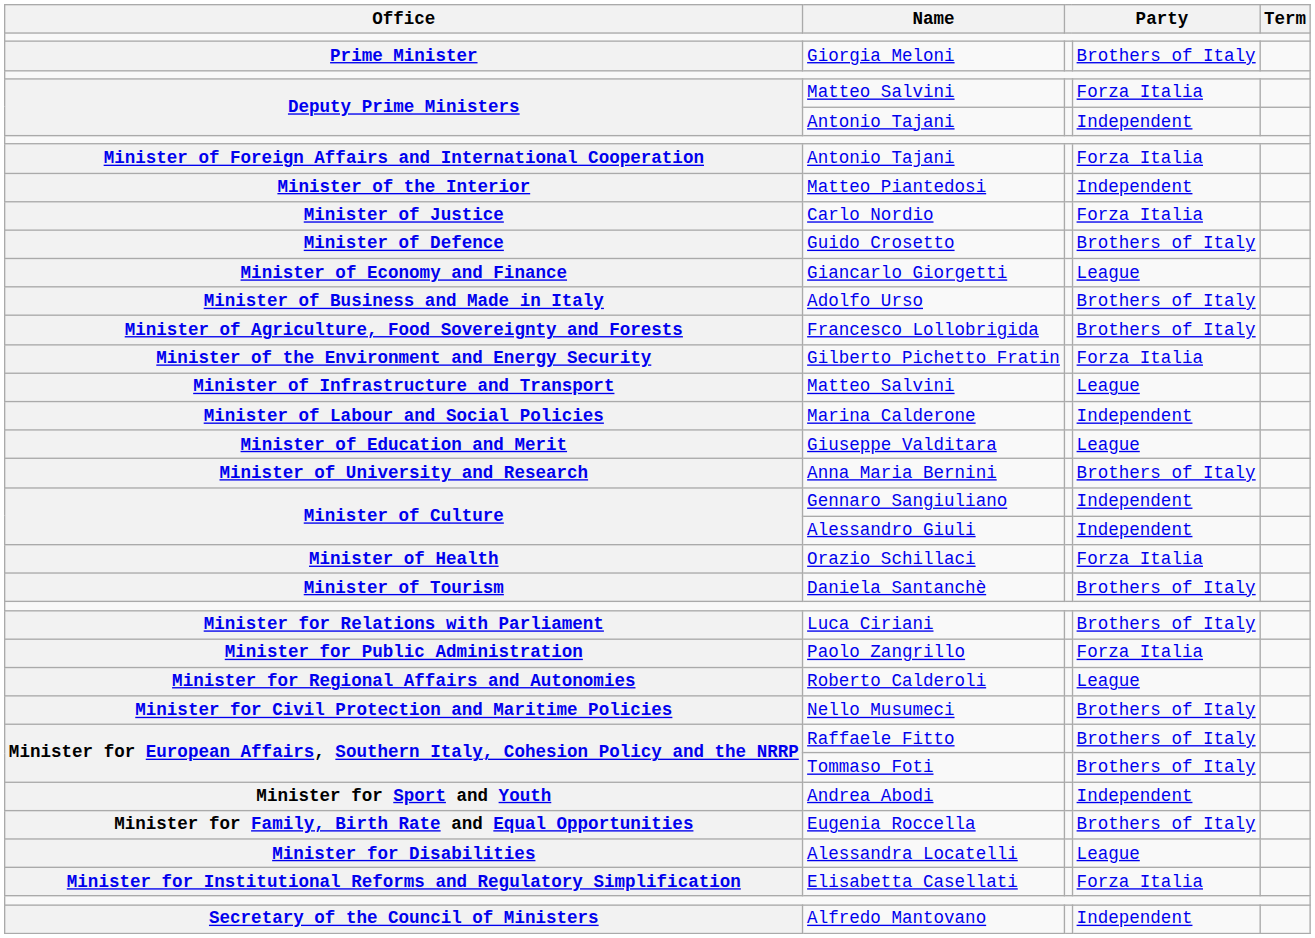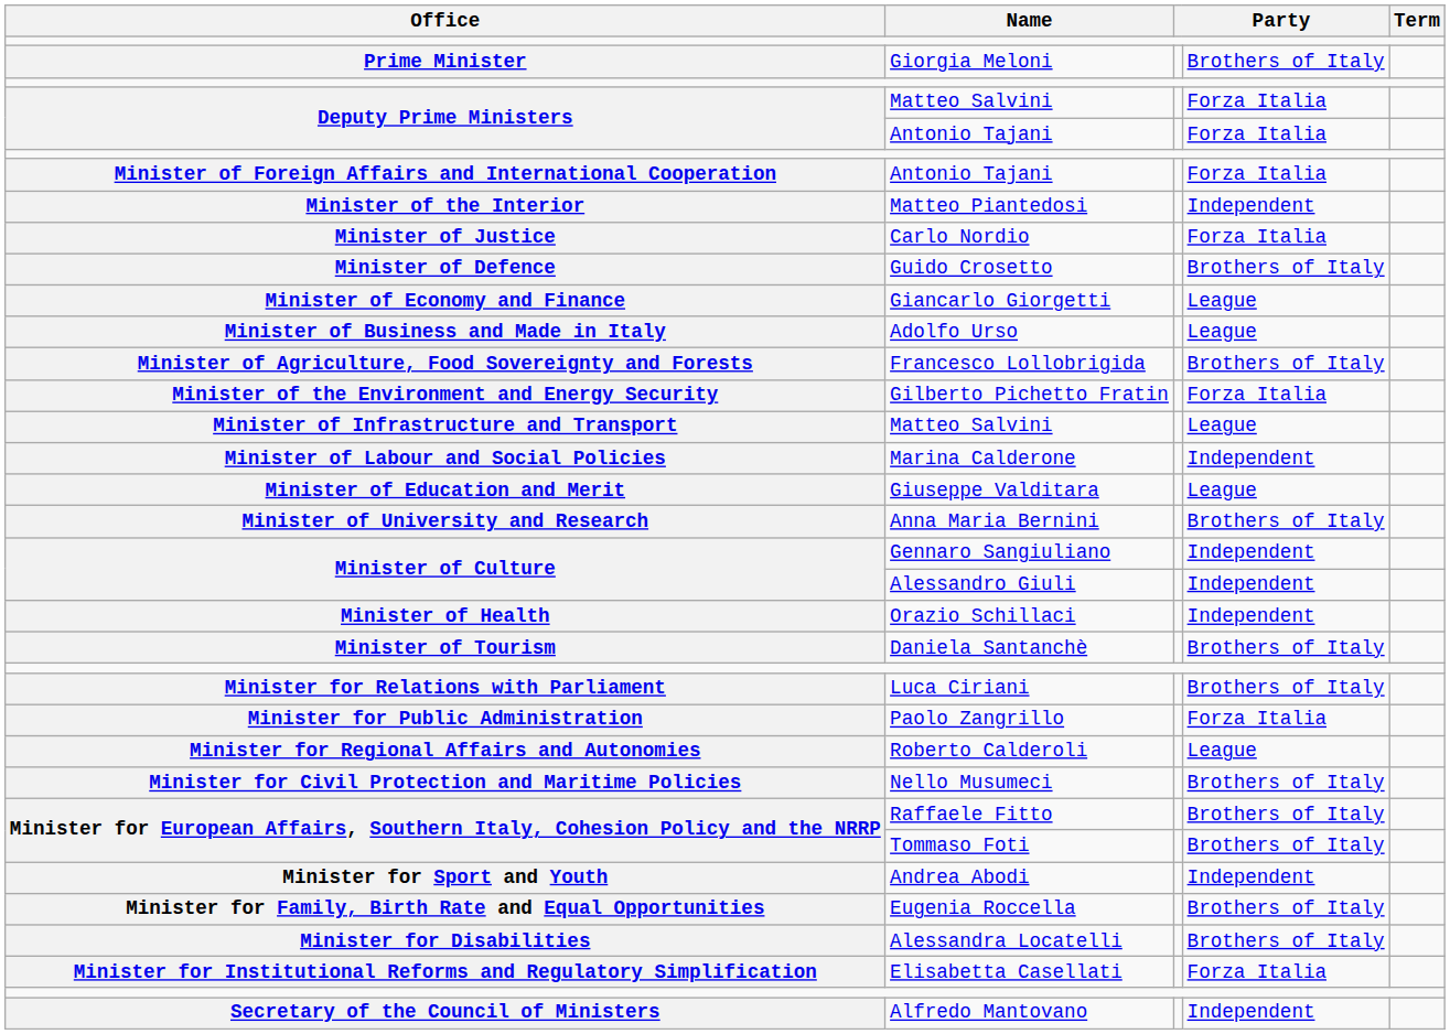 <table class="wikitable" style="font-size: 100%;">
 <tr>
 <th>Office</th>
 <th>Name</th>
 <th colspan=2>Party</th>
 <th>Term</th>
 </tr>
 <tr>
 <td colspan="5"></td>
 </tr>
 <tr>
 <th><a href='#'>Prime Minister</a></th>
 <td><a href='#'>Giorgia Meloni</a></td>
 <td style="color:inherit;background:"></td>
 <td><a href='#'>Brothers of Italy</a></td>
 <td></td>
 </tr>
 <tr>
 <td colspan="5"></td>
 </tr>
 <tr>
 <th rowspan="2"><a href='#'>Deputy Prime Ministers</a></th>
 <td><a href='#'>Matteo Salvini</a></td>
 <td style="color:inherit;background:"></td>
 <td><a href='#'>Forza Italia</a></td>
 <td></td>
 </tr>
 <tr>
 <td><a href='#'>Antonio Tajani</a></td>
 <td style="color:inherit;background:"></td>
-<td><a href='#'>Independent</a></td>
+<td><a href='#'>Forza Italia</a></td>
 <td></td>
 </tr>
 <tr>
 <td colspan="5"></td>
 </tr>
 <tr>
 <th><a href='#'>Minister of Foreign Affairs and International Cooperation</a></th>
 <td><a href='#'>Antonio Tajani</a></td>
 <td style="color:inherit;background:"></td>
 <td><a href='#'>Forza Italia</a></td>
 <td></td>
 </tr>
 <tr>
 <th><a href='#'>Minister of the Interior</a></th>
 <td><a href='#'>Matteo Piantedosi</a></td>
 <td style="color:inherit;background:"></td>
 <td><a href='#'>Independent</a></td>
 <td></td>
 </tr>
 <tr>
 <th><a href='#'>Minister of Justice</a></th>
 <td><a href='#'>Carlo Nordio</a></td>
 <td style="color:inherit;background:"></td>
 <td><a href='#'>Forza Italia</a></td>
 <td></td>
 </tr>
 <tr>
 <th><a href='#'>Minister of Defence</a></th>
 <td><a href='#'>Guido Crosetto</a></td>
 <td style="color:inherit;background:"></td>
 <td><a href='#'>Brothers of Italy</a></td>
 <td></td>
 </tr>
 <tr>
 <th><a href='#'>Minister of Economy and Finance</a></th>
 <td><a href='#'>Giancarlo Giorgetti</a></td>
 <td style="color:inherit;background:"></td>
 <td><a href='#'>League</a></td>
 <td></td>
 </tr>
 <tr>
 <th><a href='#'>Minister of Business and Made in Italy</a></th>
 <td><a href='#'>Adolfo Urso</a></td>
 <td style="color:inherit;background:"></td>
-<td><a href='#'>Brothers of Italy</a></td>
+<td><a href='#'>League</a></td>
 <td></td>
 </tr>
 <tr>
 <th><a href='#'>Minister of Agriculture, Food Sovereignty and Forests</a></th>
 <td><a href='#'>Francesco Lollobrigida</a></td>
 <td style="color:inherit;background:"></td>
 <td><a href='#'>Brothers of Italy</a></td>
 <td></td>
 </tr>
 <tr>
 <th><a href='#'>Minister of the Environment and Energy Security</a></th>
 <td><a href='#'>Gilberto Pichetto Fratin</a></td>
 <td style="color:inherit;background:"></td>
 <td><a href='#'>Forza Italia</a></td>
 <td></td>
 </tr>
 <tr>
 <th><a href='#'>Minister of Infrastructure and Transport</a></th>
 <td><a href='#'>Matteo Salvini</a></td>
 <td style="color:inherit;background:"></td>
 <td><a href='#'>League</a></td>
 <td></td>
 </tr>
 <tr>
 <th><a href='#'>Minister of Labour and Social Policies</a></th>
 <td><a href='#'>Marina Calderone</a></td>
 <td style="color:inherit;background:"></td>
 <td><a href='#'>Independent</a></td>
 <td></td>
 </tr>
 <tr>
 <th><a href='#'>Minister of Education and Merit</a></th>
 <td><a href='#'>Giuseppe Valditara</a></td>
 <td style="color:inherit;background:"></td>
 <td><a href='#'>League</a></td>
 <td></td>
 </tr>
 <tr>
 <th><a href='#'>Minister of University and Research</a></th>
 <td><a href='#'>Anna Maria Bernini</a></td>
 <td style="color:inherit;background:"></td>
 <td><a href='#'>Brothers of Italy</a></td>
 <td></td>
 </tr>
 <tr>
 <th rowspan=2><a href='#'>Minister of Culture</a></th>
 <td><a href='#'>Gennaro Sangiuliano</a></td>
 <td style="color:inherit;background:"></td>
 <td><a href='#'>Independent</a></td>
 <td></td>
 </tr>
 <tr>
 <td><a href='#'>Alessandro Giuli</a></td>
 <td style="color:inherit;background:"></td>
 <td><a href='#'>Independent</a></td>
 <td></td>
 </tr>
 <tr>
 <th><a href='#'>Minister of Health</a></th>
 <td><a href='#'>Orazio Schillaci</a></td>
 <td style="color:inherit;background:"></td>
-<td><a href='#'>Forza Italia</a></td>
+<td><a href='#'>Independent</a></td>
 <td></td>
 </tr>
 <tr>
 <th><a href='#'>Minister of Tourism</a></th>
 <td><a href='#'>Daniela Santanchè</a></td>
 <td style="color:inherit;background:"></td>
 <td><a href='#'>Brothers of Italy</a></td>
 <td></td>
 </tr>
 <tr>
 <td colspan="5"></td>
 </tr>
 <tr>
 <th><a href='#'>Minister for Relations with Parliament</a></th>
 <td><a href='#'>Luca Ciriani</a></td>
 <td style="color:inherit;background:"></td>
 <td><a href='#'>Brothers of Italy</a></td>
 <td></td>
 </tr>
 <tr>
 <th><a href='#'>Minister for Public Administration</a></th>
 <td><a href='#'>Paolo Zangrillo</a></td>
 <td style="color:inherit;background:"></td>
 <td><a href='#'>Forza Italia</a></td>
 <td></td>
 </tr>
 <tr>
 <th><a href='#'>Minister for Regional Affairs and Autonomies</a></th>
 <td><a href='#'>Roberto Calderoli</a></td>
 <td style="color:inherit;background:"></td>
 <td><a href='#'>League</a></td>
 <td></td>
 </tr>
 <tr>
 <th><a href='#'>Minister for Civil Protection and Maritime Policies</a></th>
 <td><a href='#'>Nello Musumeci</a></td>
 <td style="color:inherit;background:"></td>
 <td><a href='#'>Brothers of Italy</a></td>
 <td></td>
 </tr>
 <tr>
 <th rowspan=2>Minister for <a href='#'>European Affairs</a>, <a href='#'>Southern Italy, Cohesion Policy and the NRRP</a></th>
 <td><a href='#'>Raffaele Fitto</a></td>
 <td style="color:inherit;background:"></td>
 <td><a href='#'>Brothers of Italy</a></td>
 <td></td>
 </tr>
 <tr>
 <td><a href='#'>Tommaso Foti</a></td>
 <td style="color:inherit;background:"></td>
 <td><a href='#'>Brothers of Italy</a></td>
 <td></td>
 </tr>
 <tr>
 <th>Minister for <a href='#'>Sport</a> and <a href='#'>Youth</a></th>
 <td><a href='#'>Andrea Abodi</a></td>
 <td style="color:inherit;background:"></td>
 <td><a href='#'>Independent</a></td>
 <td></td>
 </tr>
 <tr>
 <th>Minister for <a href='#'>Family, Birth Rate</a> and <a href='#'>Equal Opportunities</a></th>
 <td><a href='#'>Eugenia Roccella</a></td>
 <td style="color:inherit;background:"></td>
 <td><a href='#'>Brothers of Italy</a></td>
 <td></td>
 </tr>
 <tr>
 <th><a href='#'>Minister for Disabilities</a></th>
 <td><a href='#'>Alessandra Locatelli</a></td>
 <td style="color:inherit;background:"></td>
-<td><a href='#'>League</a></td>
+<td><a href='#'>Brothers of Italy</a></td>
 <td></td>
 </tr>
 <tr>
 <th><a href='#'>Minister for Institutional Reforms and Regulatory Simplification</a></th>
 <td><a href='#'>Elisabetta Casellati</a></td>
 <td style="color:inherit;background:"></td>
 <td><a href='#'>Forza Italia</a></td>
 <td></td>
 </tr>
 <tr>
 <td colspan="5"></td>
 </tr>
 <tr>
 <th><a href='#'>Secretary of the Council of Ministers</a></th>
 <td><a href='#'>Alfredo Mantovano</a></td>
 <td style="color:inherit;background:"></td>
 <td><a href='#'>Independent</a></td>
 <td></td>
 </tr>
 </table>
